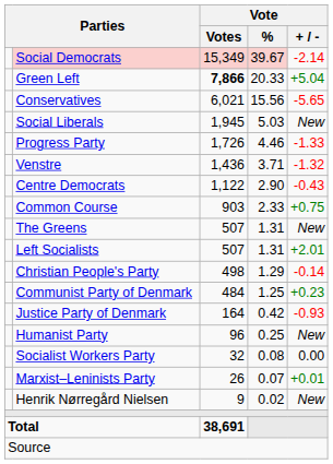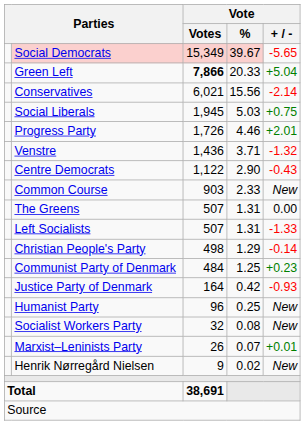 <table class="wikitable" style="text-align:right;">
 <tr>
 <th style="text-align:centre;" rowspan="2" colspan="2" width="225">Parties</th>
 <th colspan="3">Vote</th>
 </tr>
 <tr>
 <th width="15">Votes</th>
 <th width="15">%</th>
 <th width="15">+ / -</th>
 </tr>
 <tr>
 <td width="2" style="color:inherit;background:"></td>
 <td bgcolor=#fbd0ce  align="left"><a href='#'>Social Democrats</a></td>
 <td bgcolor=#fbd0ce>15,349</td>
 <td bgcolor=#fbd0ce>39.67</td>
-<td style=color:red;>-2.14</td>
+<td style=color:red;>-5.65</td>
 </tr>
 <tr>
 <td width="2" style="color:inherit;background:"></td>
 <td align="left"><a href='#'>Green Left</a></td>
 <td><strong>7,866</strong></td>
 <td>20.33</td>
 <td style=color:green;>+5.04</td>
 </tr>
 <tr>
 <td width="2" style="color:inherit;background:"></td>
 <td align="left"><a href='#'>Conservatives</a></td>
 <td>6,021</td>
 <td>15.56</td>
-<td style=color:red;>-5.65</td>
+<td style=color:red;>-2.14</td>
 </tr>
 <tr>
 <td width="2" style="color:inherit;background:"></td>
 <td align="left"><a href='#'>Social Liberals</a></td>
 <td>1,945</td>
 <td>5.03</td>
-<td><em>New</em></td>
+<td style=color:green;>+0.75</td>
 </tr>
 <tr>
 <td width="2" style="color:inherit;background:"></td>
 <td align="left"><a href='#'>Progress Party</a></td>
 <td>1,726</td>
 <td>4.46</td>
-<td style=color:red;>-1.33</td>
+<td style=color:green;>+2.01</td>
 </tr>
 <tr>
 <td width="2" style="color:inherit;background:"></td>
 <td align="left"><a href='#'>Venstre</a></td>
 <td>1,436</td>
 <td>3.71</td>
 <td style=color:red;>-1.32</td>
 </tr>
 <tr>
 <td width="2" style="color:inherit;background:"></td>
 <td align="left"><a href='#'>Centre Democrats</a></td>
 <td>1,122</td>
 <td>2.90</td>
 <td style=color:red;>-0.43</td>
 </tr>
 <tr>
 <td width="2" style="color:inherit;background:"></td>
 <td align="left"><a href='#'>Common Course</a></td>
 <td>903</td>
 <td>2.33</td>
-<td style=color:green;>+0.75</td>
+<td><em>New</em></td>
 </tr>
 <tr>
 <td width="2" style="color:inherit;background:"></td>
 <td align="left"><a href='#'>The Greens</a></td>
 <td>507</td>
 <td>1.31</td>
-<td><em>New</em></td>
+<td>0.00</td>
 </tr>
 <tr>
 <td width="2" style="color:inherit;background:"></td>
 <td align="left"><a href='#'>Left Socialists</a></td>
 <td>507</td>
 <td>1.31</td>
-<td style=color:green;>+2.01</td>
+<td style=color:red;>-1.33</td>
 </tr>
 <tr>
 <td width="2" style="color:inherit;background:"></td>
 <td align="left"><a href='#'>Christian People's Party</a></td>
 <td>498</td>
 <td>1.29</td>
 <td style=color:red;>-0.14</td>
 </tr>
 <tr>
 <td width="2" style="color:inherit;background:"></td>
 <td align="left"><a href='#'>Communist Party of Denmark</a></td>
 <td>484</td>
 <td>1.25</td>
 <td style=color:green;>+0.23</td>
 </tr>
 <tr>
 <td width="2" style="color:inherit;background:"></td>
 <td align="left"><a href='#'>Justice Party of Denmark</a></td>
 <td>164</td>
 <td>0.42</td>
 <td style=color:red;>-0.93</td>
 </tr>
 <tr>
 <td width="2" style="color:inherit;background:"></td>
 <td align="left"><a href='#'>Humanist Party</a></td>
 <td>96</td>
 <td>0.25</td>
 <td><em>New</em></td>
 </tr>
 <tr>
 <td width="2" style="color:inherit;background:"></td>
 <td align="left"><a href='#'>Socialist Workers Party</a></td>
 <td>32</td>
 <td>0.08</td>
-<td>0.00</td>
+<td><em>New</em></td>
 </tr>
 <tr>
 <td width="2" style="color:inherit;background:"></td>
 <td align="left"><a href='#'>Marxist–Leninists Party</a></td>
 <td>26</td>
 <td>0.07</td>
 <td style=color:green;>+0.01</td>
 </tr>
 <tr>
 <td width="2" style="color:inherit;background:"></td>
 <td align="left">Henrik Nørregård Nielsen</td>
 <td>9</td>
 <td>0.02</td>
 <td><em>New</em></td>
 </tr>
 <tr>
 <td colspan="7" bgcolor="#E9E9E9"></td>
 </tr>
 <tr>
 <td align="left" colspan="2"><strong>Total</strong></td>
 <td><strong>38,691</strong></td>
 <td bgcolor="#E9E9E9" colspan="2"></td>
 </tr>
 <tr>
 <td align="left" colspan="6">Source</td>
 </tr>
 </table>
